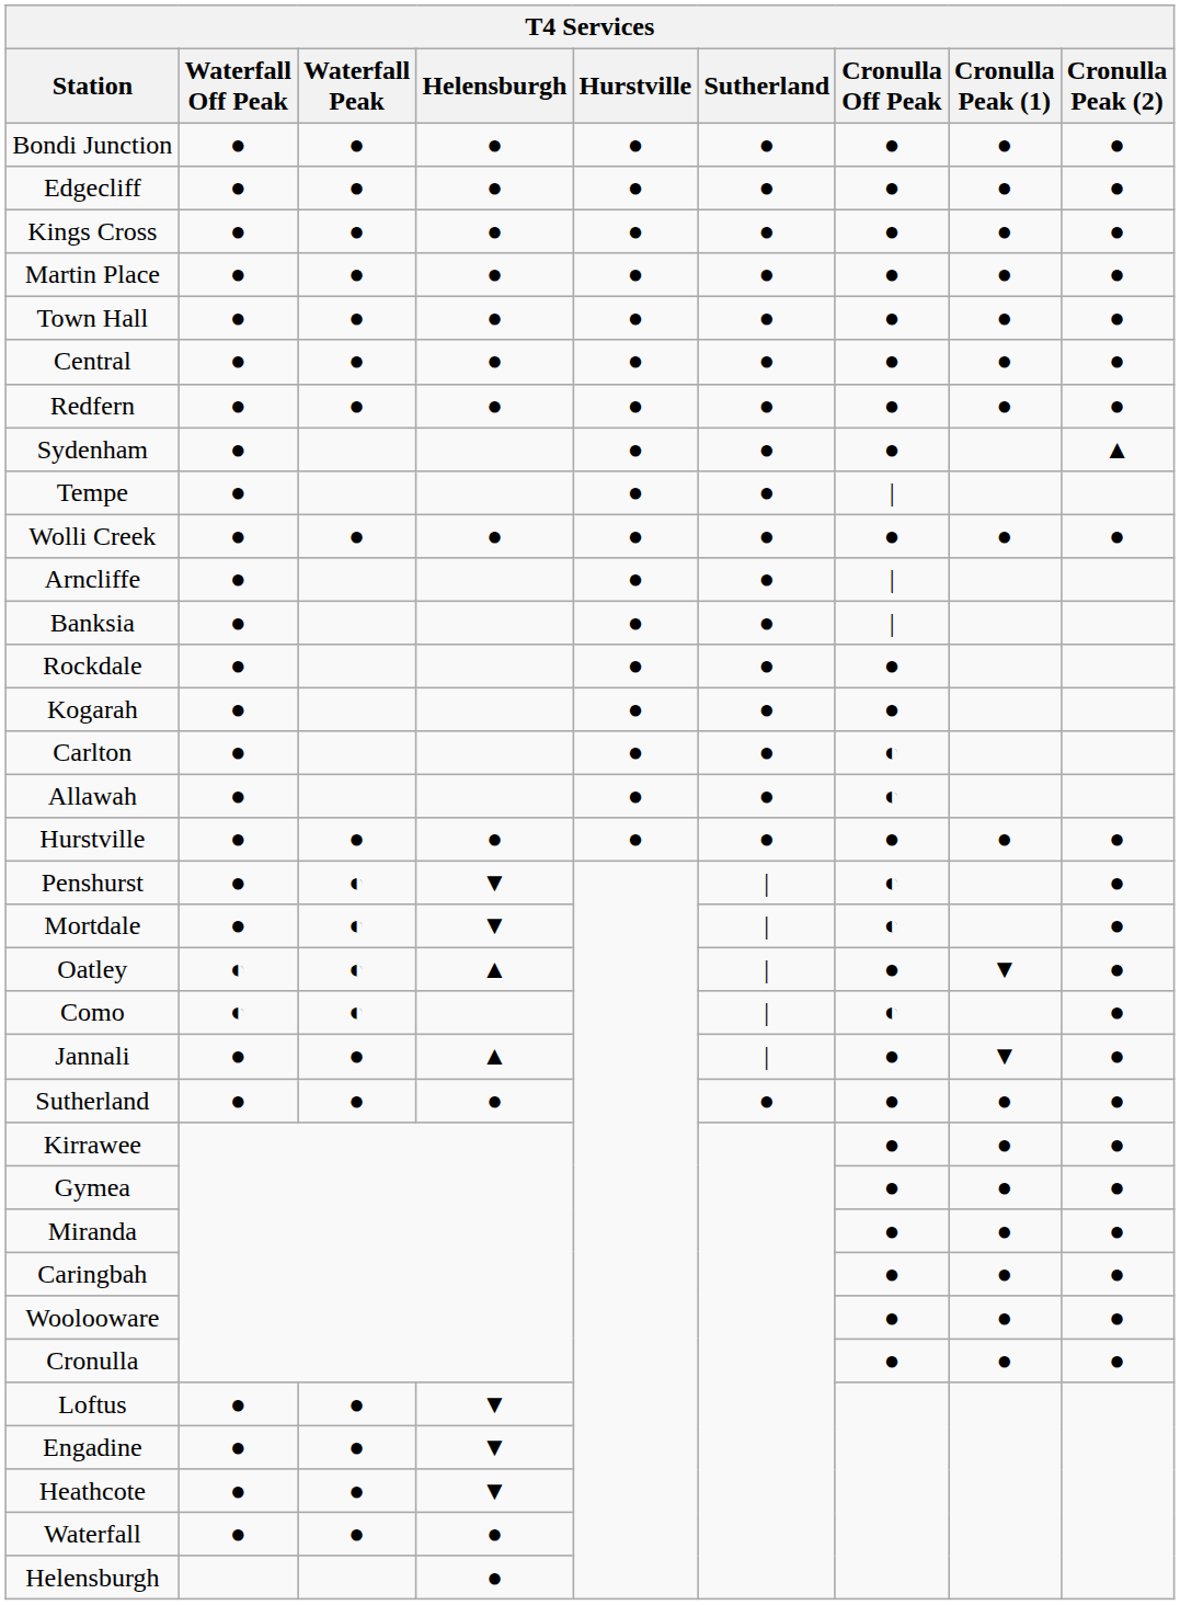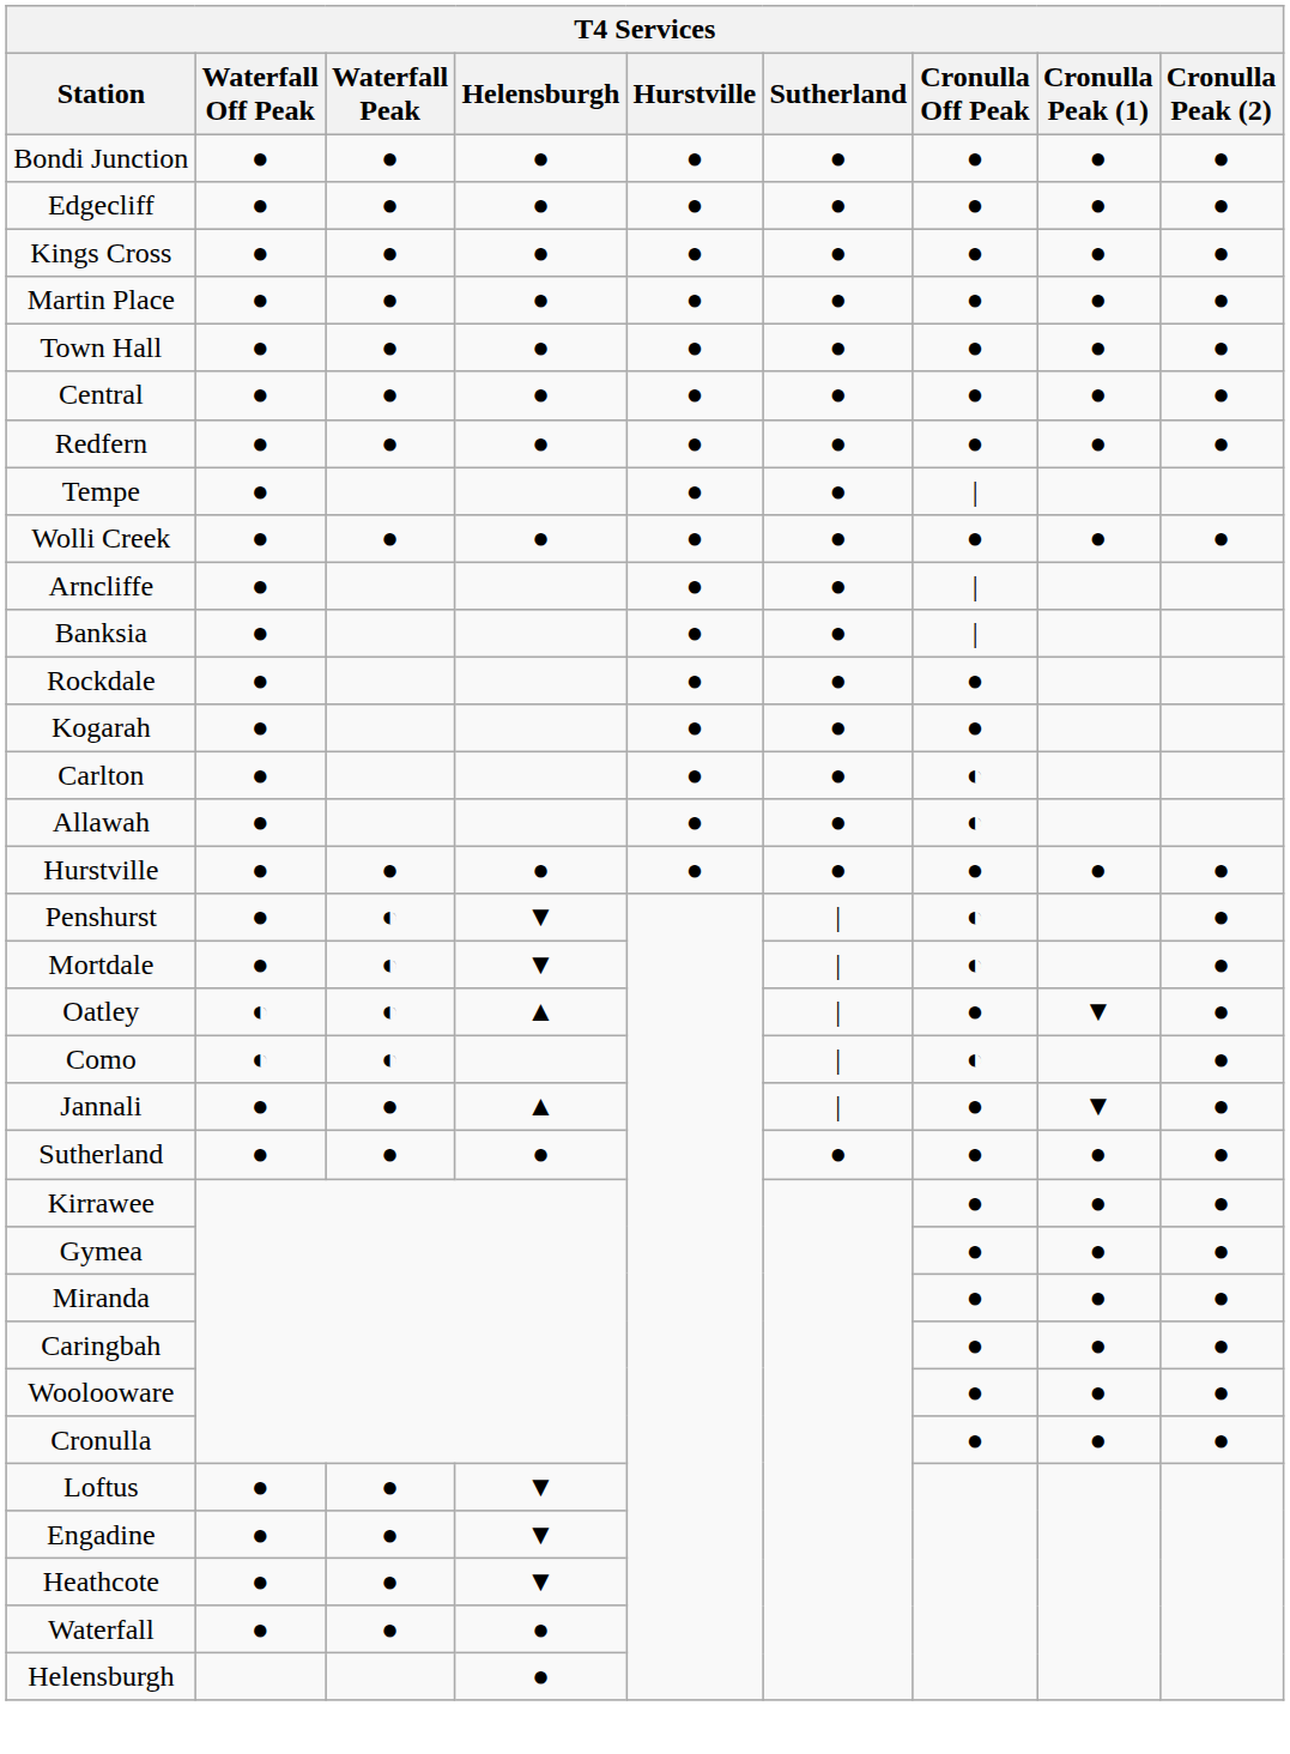 <table class="wikitable" style="font-size:95%; text-align:center; margin-left: auto; margin-right: auto;">
 <tr>
 <th colspan="9" style="background:#"><span>T4 Services</span></th>
 </tr>
 <tr>
 <th>Station</th>
 <th>Waterfall<br>Off Peak</th>
 <th>Waterfall<br>Peak</th>
 <th>Helensburgh</th>
 <th>Hurstville</th>
 <th>Sutherland</th>
 <th>Cronulla<br>Off Peak</th>
 <th>Cronulla<br>Peak (1)</th>
 <th>Cronulla<br>Peak (2)</th>
 </tr>
 <tr>
 <td>Bondi Junction</td>
 <td>●</td>
 <td>●</td>
 <td>●</td>
 <td>●</td>
 <td>●</td>
 <td>●</td>
 <td>●</td>
 <td>●</td>
 </tr>
 <tr>
 <td>Edgecliff</td>
 <td>●</td>
 <td>●</td>
 <td>●</td>
 <td>●</td>
 <td>●</td>
 <td>●</td>
 <td>●</td>
 <td>●</td>
 </tr>
 <tr>
 <td>Kings Cross</td>
 <td>●</td>
 <td>●</td>
 <td>●</td>
 <td>●</td>
 <td>●</td>
 <td>●</td>
 <td>●</td>
 <td>●</td>
 </tr>
 <tr>
 <td>Martin Place</td>
 <td>●</td>
 <td>●</td>
 <td>●</td>
 <td>●</td>
 <td>●</td>
 <td>●</td>
 <td>●</td>
 <td>●</td>
 </tr>
 <tr>
 <td>Town Hall</td>
 <td>●</td>
 <td>●</td>
 <td>●</td>
 <td>●</td>
 <td>●</td>
 <td>●</td>
 <td>●</td>
 <td>●</td>
 </tr>
 <tr>
 <td>Central</td>
 <td>●</td>
 <td>●</td>
 <td>●</td>
 <td>●</td>
 <td>●</td>
 <td>●</td>
 <td>●</td>
 <td>●</td>
 </tr>
 <tr>
 <td>Redfern</td>
 <td>●</td>
 <td>●</td>
 <td>●</td>
 <td>●</td>
 <td>●</td>
 <td>●</td>
 <td>●</td>
 <td>●</td>
-</tr>
-<tr>
-<td>Sydenham</td>
-<td>●</td>
-<td></td>
-<td></td>
-<td>●</td>
-<td>●</td>
-<td>●</td>
-<td></td>
-<td>▲</td>
 </tr>
 <tr>
 <td>Tempe</td>
 <td>●</td>
 <td></td>
 <td></td>
 <td>●</td>
 <td>●</td>
 <td>|</td>
 <td></td>
 <td></td>
 </tr>
 <tr>
 <td>Wolli Creek</td>
 <td>●</td>
 <td>●</td>
 <td>●</td>
 <td>●</td>
 <td>●</td>
 <td>●</td>
 <td>●</td>
 <td>●</td>
 </tr>
 <tr>
 <td>Arncliffe</td>
 <td>●</td>
 <td></td>
 <td></td>
 <td>●</td>
 <td>●</td>
 <td>|</td>
 <td></td>
 <td></td>
 </tr>
 <tr>
 <td>Banksia</td>
 <td>●</td>
 <td></td>
 <td></td>
 <td>●</td>
 <td>●</td>
 <td>|</td>
 <td></td>
 <td></td>
 </tr>
 <tr>
 <td>Rockdale</td>
 <td>●</td>
 <td></td>
 <td></td>
 <td>●</td>
 <td>●</td>
 <td>●</td>
 <td></td>
 <td></td>
 </tr>
 <tr>
 <td>Kogarah</td>
 <td>●</td>
 <td></td>
 <td></td>
 <td>●</td>
 <td>●</td>
 <td>●</td>
 <td></td>
 <td></td>
 </tr>
 <tr>
 <td>Carlton</td>
 <td>●</td>
 <td></td>
 <td></td>
 <td>●</td>
 <td>●</td>
 <td>◐</td>
 <td></td>
 <td></td>
 </tr>
 <tr>
 <td>Allawah</td>
 <td>●</td>
 <td></td>
 <td></td>
 <td>●</td>
 <td>●</td>
 <td>◐</td>
 <td></td>
 <td></td>
 </tr>
 <tr>
 <td>Hurstville</td>
 <td>●</td>
 <td>●</td>
 <td>●</td>
 <td>●</td>
 <td>●</td>
 <td>●</td>
 <td>●</td>
 <td>●</td>
 </tr>
 <tr>
 <td>Penshurst</td>
 <td>●</td>
 <td>◐</td>
 <td>▼</td>
 <td rowspan="17"></td>
 <td>|</td>
 <td>◐</td>
 <td></td>
 <td>●</td>
 </tr>
 <tr>
 <td>Mortdale</td>
 <td>●</td>
 <td>◐</td>
 <td>▼</td>
 <td>|</td>
 <td>◐</td>
 <td></td>
 <td>●</td>
 </tr>
 <tr>
 <td>Oatley</td>
 <td>◐</td>
 <td>◐</td>
 <td>▲</td>
 <td>|</td>
 <td>●</td>
 <td>▼</td>
 <td>●</td>
 </tr>
 <tr>
 <td>Como</td>
 <td>◐</td>
 <td>◐</td>
 <td></td>
 <td>|</td>
 <td>◐</td>
 <td></td>
 <td>●</td>
 </tr>
 <tr>
 <td>Jannali</td>
 <td>●</td>
 <td>●</td>
 <td>▲</td>
 <td>|</td>
 <td>●</td>
 <td>▼</td>
 <td>●</td>
 </tr>
 <tr>
 <td>Sutherland</td>
 <td>●</td>
 <td>●</td>
 <td>●</td>
 <td>●</td>
 <td>●</td>
 <td>●</td>
 <td>●</td>
 </tr>
 <tr>
 <td>Kirrawee</td>
 <td colspan="3" rowspan="6"></td>
 <td rowspan="11"></td>
 <td>●</td>
 <td>●</td>
 <td>●</td>
 </tr>
 <tr>
 <td>Gymea</td>
 <td>●</td>
 <td>●</td>
 <td>●</td>
 </tr>
 <tr>
 <td>Miranda</td>
 <td>●</td>
 <td>●</td>
 <td>●</td>
 </tr>
 <tr>
 <td>Caringbah</td>
 <td>●</td>
 <td>●</td>
 <td>●</td>
 </tr>
 <tr>
 <td>Woolooware</td>
 <td>●</td>
 <td>●</td>
 <td>●</td>
 </tr>
 <tr>
 <td>Cronulla</td>
 <td>●</td>
 <td>●</td>
 <td>●</td>
 </tr>
 <tr>
 <td>Loftus</td>
 <td>●</td>
 <td>●</td>
 <td>▼</td>
 <td rowspan="5"></td>
 <td rowspan="5"></td>
 <td rowspan="5"></td>
 </tr>
 <tr>
 <td>Engadine</td>
 <td>●</td>
 <td>●</td>
 <td>▼</td>
 </tr>
 <tr>
 <td>Heathcote</td>
 <td>●</td>
 <td>●</td>
 <td>▼</td>
 </tr>
 <tr>
 <td>Waterfall</td>
 <td>●</td>
 <td>●</td>
 <td>●</td>
 </tr>
 <tr>
 <td>Helensburgh</td>
 <td></td>
 <td></td>
 <td>●</td>
 </tr>
 </table>
